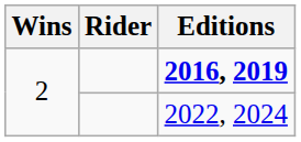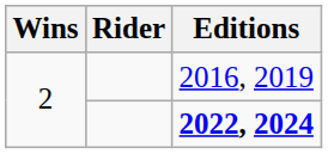 <table class="wikitable">
 <tr>
 <th>Wins</th>
 <th>Rider</th>
 <th>Editions</th>
 </tr>
 <tr>
 <td align=center rowspan=2>2</td>
 <td></td>
-<td><strong><a href='#'>2016</a>, <a href='#'>2019</a></strong></td>
+<td><a href='#'>2016</a>, <a href='#'>2019</a></td>
 </tr>
 <tr>
 <td></td>
-<td><a href='#'>2022</a>, <a href='#'>2024</a></td>
+<td><strong><a href='#'>2022</a>, <a href='#'>2024</a></strong></td>
 </tr>
 </table>
